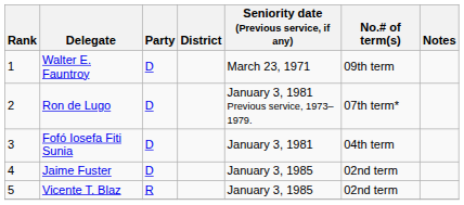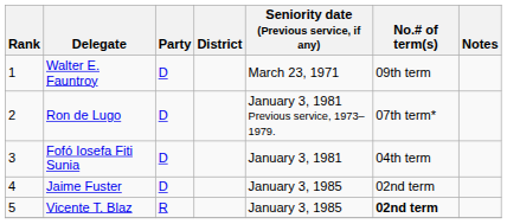 <table class="wikitable sortable">
 <tr valign=bottom>
 <th>Rank</th>
 <th>Delegate</th>
 <th>Party</th>
 <th>District</th>
 <th>Seniority date<br><small>(Previous service, if any)</small><br></th>
 <th>No.# of term(s)</th>
 <th>Notes</th>
 </tr>
 <tr>
 <td>1</td>
 <td><a href='#'>Walter E. Fauntroy</a></td>
 <td><a href='#'>D</a></td>
 <td></td>
 <td>March 23, 1971</td>
 <td>09th term</td>
 <td></td>
 </tr>
 <tr>
 <td>2</td>
 <td><a href='#'>Ron de Lugo</a></td>
 <td><a href='#'>D</a></td>
 <td></td>
 <td>January 3, 1981<br><small>Previous service, 1973–1979. </small></td>
 <td>07th term*</td>
 <td></td>
 </tr>
 <tr>
 <td>3</td>
 <td><a href='#'>Fofó Iosefa Fiti Sunia</a></td>
 <td><a href='#'>D</a></td>
 <td></td>
 <td>January 3, 1981</td>
 <td>04th term</td>
 <td></td>
 </tr>
 <tr>
 <td>4</td>
 <td><a href='#'>Jaime Fuster</a></td>
 <td><a href='#'>D</a></td>
 <td></td>
 <td>January 3, 1985</td>
 <td>02nd term</td>
 <td></td>
 </tr>
 <tr>
 <td>5</td>
 <td><a href='#'>Vicente T. Blaz</a></td>
 <td><a href='#'>R</a></td>
 <td></td>
 <td>January 3, 1985</td>
-<td>02nd term</td>
+<td><strong>02nd term</strong></td>
 <td></td>
 </tr>
 <tr>
 </tr>
 </table>
